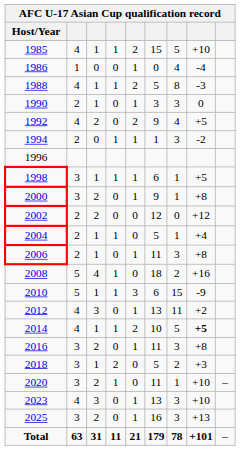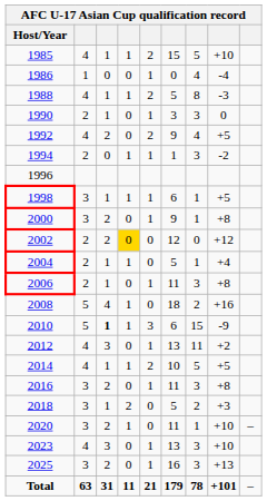 <table class="wikitable collapsible collapsed" style="text-align: center;">
 <tr>
 <th colspan=9>AFC U-17 Asian Cup qualification record</th>
 </tr>
 <tr>
 <th width="80">Host/Year</th>
 <th width="20"></th>
 <th width="20"></th>
 <th width="20"></th>
 <th width="20"></th>
 <th width="20"></th>
 <th width="20"></th>
 <th width="20"></th>
 <th width="20"></th>
 </tr>
 <tr>
 <td> <a href='#'>1985</a></td>
 <td>4</td>
 <td>1</td>
 <td>1</td>
 <td>2</td>
 <td>15</td>
 <td>5</td>
 <td>+10</td>
 <td></td>
 </tr>
 <tr>
 <td> <a href='#'>1986</a></td>
 <td>1</td>
 <td>0</td>
 <td>0</td>
 <td>1</td>
 <td>0</td>
 <td>4</td>
 <td>-4</td>
 <td></td>
 </tr>
 <tr>
 <td> <a href='#'>1988</a></td>
 <td>4</td>
 <td>1</td>
 <td>1</td>
 <td>2</td>
 <td>5</td>
 <td>8</td>
 <td>-3</td>
 <td></td>
 </tr>
 <tr>
 <td> <a href='#'>1990</a></td>
 <td>2</td>
 <td>1</td>
 <td>0</td>
 <td>1</td>
 <td>3</td>
 <td>3</td>
 <td>0</td>
 <td></td>
 </tr>
 <tr>
 <td> <a href='#'>1992</a></td>
 <td>4</td>
 <td>2</td>
 <td>0</td>
 <td>2</td>
 <td>9</td>
 <td>4</td>
 <td>+5</td>
 <td></td>
 </tr>
 <tr>
 <td> <a href='#'>1994</a></td>
 <td>2</td>
 <td>0</td>
 <td>1</td>
 <td>1</td>
 <td>1</td>
 <td>3</td>
 <td>-2</td>
 <td></td>
 </tr>
 <tr>
 <td>1996</td>
 <td></td>
 <td></td>
 <td></td>
 <td></td>
 <td></td>
 <td></td>
 <td></td>
 <td></td>
 </tr>
 <tr>
 <td style="border: 3px solid red"> <a href='#'>1998</a></td>
 <td>3</td>
 <td>1</td>
 <td>1</td>
 <td>1</td>
 <td>6</td>
 <td>1</td>
 <td>+5</td>
 <td></td>
 </tr>
 <tr>
 <td style="border: 3px solid red"> <a href='#'>2000</a></td>
 <td>3</td>
 <td>2</td>
 <td>0</td>
 <td>1</td>
 <td>9</td>
 <td>1</td>
 <td>+8</td>
 <td></td>
 </tr>
 <tr>
 <td style="border: 3px solid red"> <a href='#'>2002</a></td>
 <td>2</td>
 <td>2</td>
-<td>0</td>
+<td style="background: gold;">0</td>
 <td>0</td>
 <td>12</td>
 <td>0</td>
 <td>+12</td>
 <td></td>
 </tr>
 <tr>
 <td style="border: 3px solid red"> <a href='#'>2004</a></td>
 <td>2</td>
 <td>1</td>
 <td>1</td>
 <td>0</td>
 <td>5</td>
 <td>1</td>
 <td>+4</td>
 <td></td>
 </tr>
 <tr>
 <td style="border: 3px solid red"> <a href='#'>2006</a></td>
 <td>2</td>
 <td>1</td>
 <td>0</td>
 <td>1</td>
 <td>11</td>
 <td>3</td>
 <td>+8</td>
 <td></td>
 </tr>
 <tr>
 <td> <a href='#'>2008</a></td>
 <td>5</td>
 <td>4</td>
 <td>1</td>
 <td>0</td>
 <td>18</td>
 <td>2</td>
 <td>+16</td>
 <td></td>
 </tr>
 <tr>
 <td> <a href='#'>2010</a></td>
 <td>5</td>
-<td>1</td>
+<td><strong>1</strong></td>
 <td>1</td>
 <td>3</td>
 <td>6</td>
 <td>15</td>
 <td>-9</td>
 <td></td>
 </tr>
 <tr>
 <td> <a href='#'>2012</a></td>
 <td>4</td>
 <td>3</td>
 <td>0</td>
 <td>1</td>
 <td>13</td>
 <td>11</td>
 <td>+2</td>
 <td></td>
 </tr>
 <tr>
 <td> <a href='#'>2014</a></td>
 <td>4</td>
 <td>1</td>
 <td>1</td>
 <td>2</td>
 <td>10</td>
 <td>5</td>
-<td><strong>+5</strong></td>
+<td>+5</td>
 <td></td>
 </tr>
 <tr>
 <td> <a href='#'>2016</a></td>
 <td>3</td>
 <td>2</td>
 <td>0</td>
 <td>1</td>
 <td>11</td>
 <td>3</td>
 <td>+8</td>
 <td></td>
 </tr>
 <tr>
 <td> <a href='#'>2018</a></td>
 <td>3</td>
 <td>1</td>
 <td>2</td>
 <td>0</td>
 <td>5</td>
 <td>2</td>
 <td>+3</td>
 <td></td>
 </tr>
 <tr>
 <td> <a href='#'>2020</a></td>
 <td>3</td>
 <td>2</td>
 <td>1</td>
 <td>0</td>
 <td>11</td>
 <td>1</td>
 <td>+10</td>
 <td>–</td>
 </tr>
 <tr>
 <td> <a href='#'>2023</a></td>
 <td>4</td>
 <td>3</td>
 <td>0</td>
 <td>1</td>
 <td>13</td>
 <td>3</td>
 <td>+10</td>
 <td></td>
 </tr>
 <tr>
 <td> <a href='#'>2025</a></td>
 <td>3</td>
 <td>2</td>
 <td>0</td>
 <td>1</td>
 <td>16</td>
 <td>3</td>
 <td>+13</td>
 <td></td>
 </tr>
 <tr>
 <td><strong>Total</strong></td>
 <td><strong>63</strong></td>
 <td><strong>31</strong></td>
 <td><strong>11</strong></td>
 <td><strong>21</strong></td>
 <td><strong>179</strong></td>
 <td><strong>78</strong></td>
 <td><strong>+101</strong></td>
 <td>–</td>
 </tr>
 </table>
